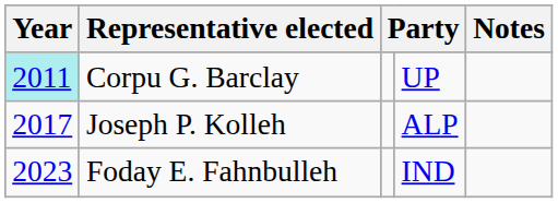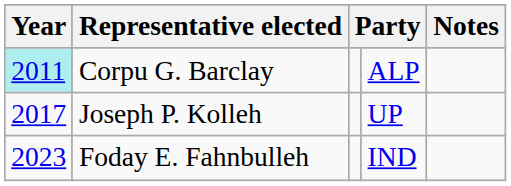 <table class="wikitable">
 <tr>
 <th>Year</th>
 <th>Representative elected</th>
 <th colspan=2>Party</th>
 <th>Notes</th>
 </tr>
 <tr>
 <td style="background: paleturquoise;"><a href='#'>2011</a></td>
 <td>Corpu G. Barclay</td>
 <td></td>
-<td><a href='#'>UP</a></td>
+<td><a href='#'>ALP</a></td>
 <td></td>
 </tr>
 <tr>
 <td><a href='#'>2017</a></td>
 <td>Joseph P. Kolleh</td>
 <td></td>
-<td><a href='#'>ALP</a></td>
+<td><a href='#'>UP</a></td>
 <td></td>
 </tr>
 <tr>
 <td><a href='#'>2023</a></td>
 <td>Foday E. Fahnbulleh</td>
 <td></td>
 <td><a href='#'>IND</a></td>
 <td></td>
 </tr>
 </table>
